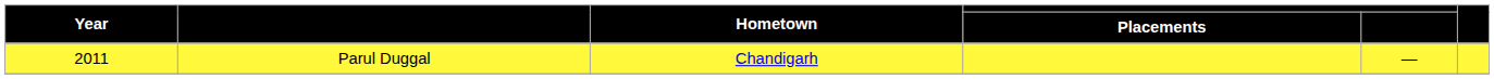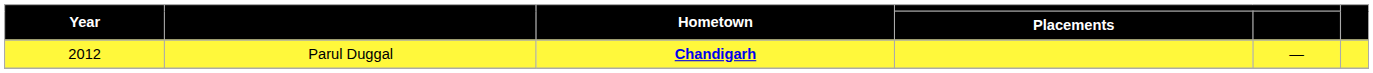 <table class="wikitable" style="text-align:center; line-height:20px; font-size:85%; width:100%;">
 <tr>
 <th rowspan="2" style="background-color:#000000; color:#FFFFFF;">Year</th>
 <th rowspan="2" style="background-color:#000000; color:#FFFFFF;"></th>
 <th rowspan="2" style="background-color:#000000; color:#FFFFFF;">Hometown</th>
 <th colspan="2" style="background-color:#000000; color:#FFFFFF;"></th>
 <th rowspan="2" style="background-color:#000000; color:#FFFFFF;"></th>
 </tr>
 <tr>
 <th style="background-color:#000000; color:#FFFFFF;">Placements</th>
 <th style="background-color:#000000; color:#FFFFFF;"></th>
 </tr>
 <tr style="background-color:#FFF83B;">
-<td>2011</td>
+<td>2012</td>
 <td>Parul Duggal</td>
-<td><a href='#'>Chandigarh</a></td>
+<td><strong><a href='#'>Chandigarh</a></strong></td>
 <td></td>
 <td>—</td>
 <td></td>
 </tr>
 <tr>
 </tr>
 </table>
